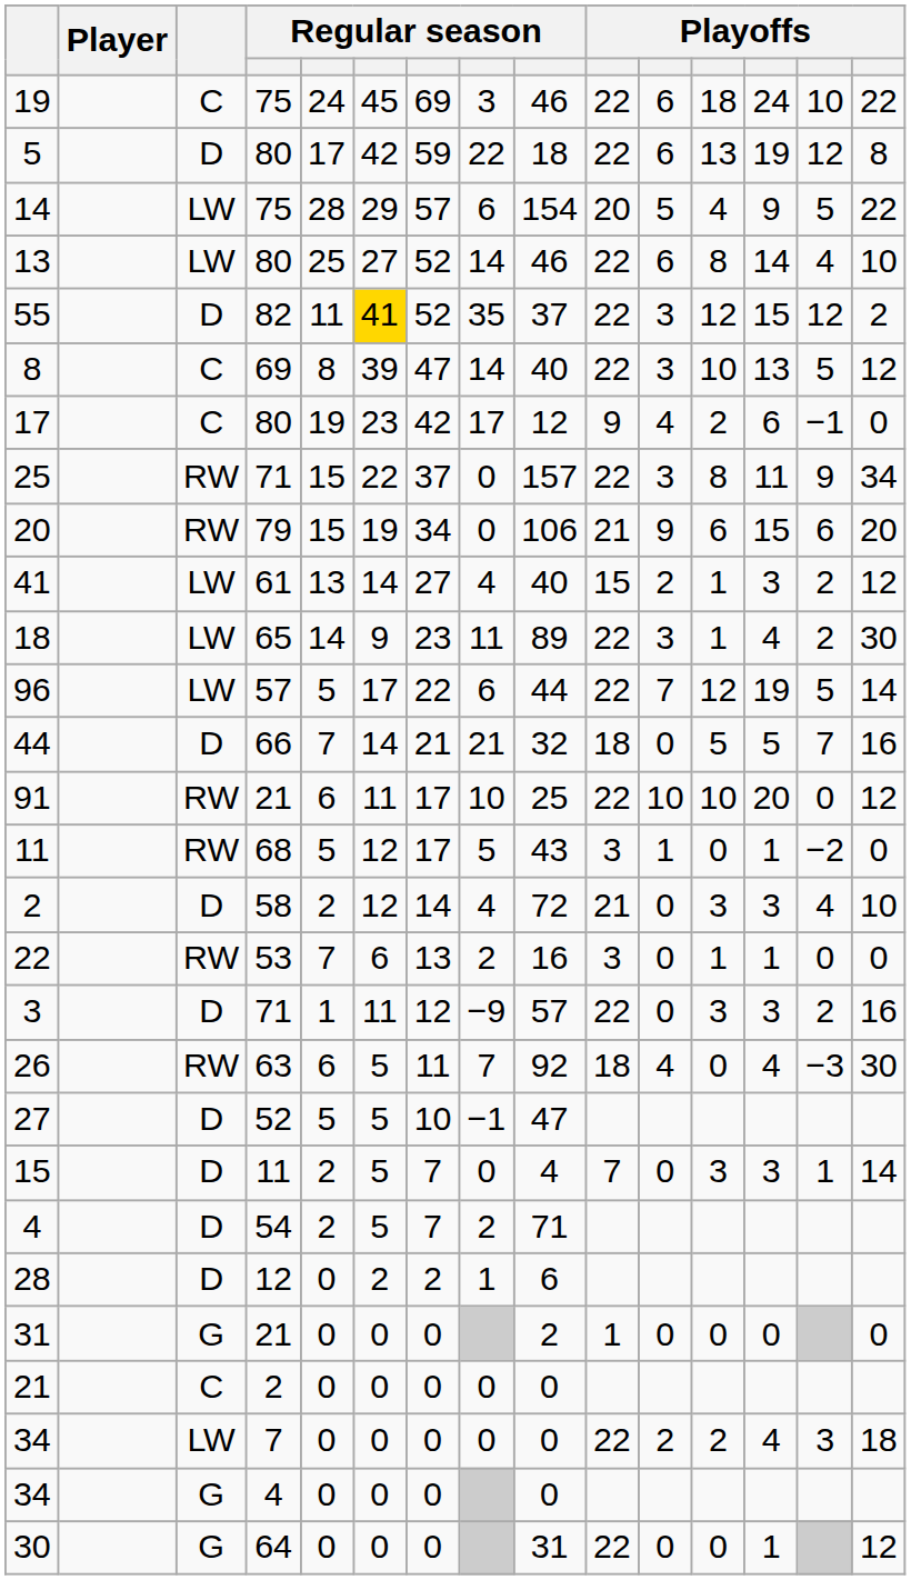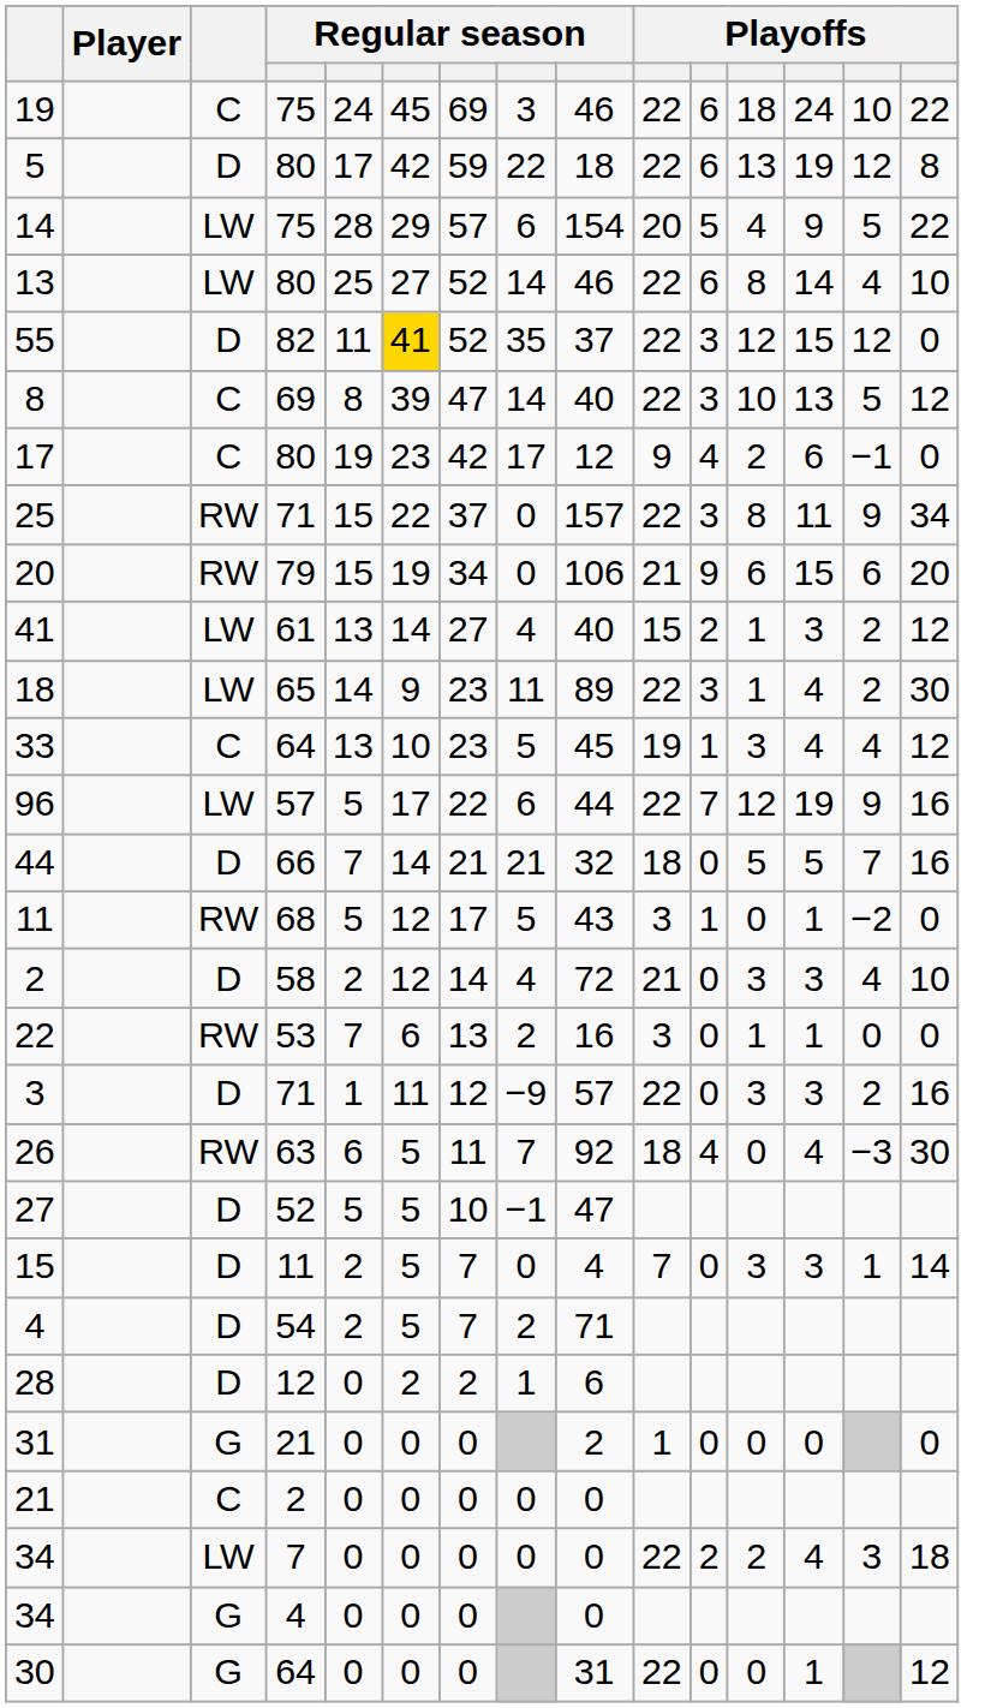 <table class="wikitable sortable plainrowheaders" style="text-align:center;">
 <tr>
 <th scope="col" data-sort-type="number" rowspan="2"></th>
 <th scope="col" rowspan="2">Player</th>
 <th scope="col" rowspan="2"></th>
 <th scope=colgroup colspan=6>Regular season</th>
 <th scope=colgroup colspan=6>Playoffs</th>
 </tr>
 <tr>
 <th scope="col" data-sort-type="number"></th>
 <th scope="col" data-sort-type="number"></th>
 <th scope="col" data-sort-type="number"></th>
 <th scope="col" data-sort-type="number"></th>
 <th scope="col" data-sort-type="number"></th>
 <th scope="col" data-sort-type="number"></th>
 <th scope="col" data-sort-type="number"></th>
 <th scope="col" data-sort-type="number"></th>
 <th scope="col" data-sort-type="number"></th>
 <th scope="col" data-sort-type="number"></th>
 <th scope="col" data-sort-type="number"></th>
 <th scope="col" data-sort-type="number"></th>
 </tr>
 <tr>
 <td scope="row">19</td>
 <td align="left"></td>
 <td>C</td>
 <td>75</td>
 <td>24</td>
 <td>45</td>
 <td>69</td>
 <td>3</td>
 <td>46</td>
 <td>22</td>
 <td>6</td>
 <td>18</td>
 <td>24</td>
 <td>10</td>
 <td>22</td>
 </tr>
 <tr>
 <td scope="row">5</td>
 <td align="left"></td>
 <td>D</td>
 <td>80</td>
 <td>17</td>
 <td>42</td>
 <td>59</td>
 <td>22</td>
 <td>18</td>
 <td>22</td>
 <td>6</td>
 <td>13</td>
 <td>19</td>
 <td>12</td>
 <td>8</td>
 </tr>
 <tr>
 <td scope="row">14</td>
 <td align="left"></td>
 <td>LW</td>
 <td>75</td>
 <td>28</td>
 <td>29</td>
 <td>57</td>
 <td>6</td>
 <td>154</td>
 <td>20</td>
 <td>5</td>
 <td>4</td>
 <td>9</td>
 <td>5</td>
 <td>22</td>
 </tr>
 <tr>
 <td scope="row">13</td>
 <td align="left"></td>
 <td>LW</td>
 <td>80</td>
 <td>25</td>
 <td>27</td>
 <td>52</td>
 <td>14</td>
 <td>46</td>
 <td>22</td>
 <td>6</td>
 <td>8</td>
 <td>14</td>
 <td>4</td>
 <td>10</td>
 </tr>
 <tr>
 <td scope="row">55</td>
 <td align="left"></td>
 <td>D</td>
 <td>82</td>
 <td>11</td>
 <td style="background: gold;">41</td>
 <td>52</td>
 <td>35</td>
 <td>37</td>
 <td>22</td>
 <td>3</td>
 <td>12</td>
 <td>15</td>
 <td>12</td>
-<td>2</td>
+<td>0</td>
 </tr>
 <tr>
 <td scope="row">8</td>
 <td align="left"></td>
 <td>C</td>
 <td>69</td>
 <td>8</td>
 <td>39</td>
 <td>47</td>
 <td>14</td>
 <td>40</td>
 <td>22</td>
 <td>3</td>
 <td>10</td>
 <td>13</td>
 <td>5</td>
 <td>12</td>
 </tr>
 <tr>
 <td scope="row">17</td>
 <td align="left"></td>
 <td>C</td>
 <td>80</td>
 <td>19</td>
 <td>23</td>
 <td>42</td>
 <td>17</td>
 <td>12</td>
 <td>9</td>
 <td>4</td>
 <td>2</td>
 <td>6</td>
 <td>−1</td>
 <td>0</td>
 </tr>
 <tr>
 <td scope="row">25</td>
 <td align="left"></td>
 <td>RW</td>
 <td>71</td>
 <td>15</td>
 <td>22</td>
 <td>37</td>
 <td>0</td>
 <td>157</td>
 <td>22</td>
 <td>3</td>
 <td>8</td>
 <td>11</td>
 <td>9</td>
 <td>34</td>
 </tr>
 <tr>
 <td scope="row">20</td>
 <td align="left"></td>
 <td>RW</td>
 <td>79</td>
 <td>15</td>
 <td>19</td>
 <td>34</td>
 <td>0</td>
 <td>106</td>
 <td>21</td>
 <td>9</td>
 <td>6</td>
 <td>15</td>
 <td>6</td>
 <td>20</td>
 </tr>
 <tr>
 <td scope="row">41</td>
 <td align="left"></td>
 <td>LW</td>
 <td>61</td>
 <td>13</td>
 <td>14</td>
 <td>27</td>
 <td>4</td>
 <td>40</td>
 <td>15</td>
 <td>2</td>
 <td>1</td>
 <td>3</td>
 <td>2</td>
 <td>12</td>
 </tr>
 <tr>
 <td scope="row">18</td>
 <td align="left"></td>
 <td>LW</td>
 <td>65</td>
 <td>14</td>
 <td>9</td>
 <td>23</td>
 <td>11</td>
 <td>89</td>
 <td>22</td>
 <td>3</td>
 <td>1</td>
 <td>4</td>
 <td>2</td>
 <td>30</td>
 </tr>
 <tr>
+<td scope="row">33</td>
+<td align="left"></td>
+<td>C</td>
+<td>64</td>
+<td>13</td>
+<td>10</td>
+<td>23</td>
+<td>5</td>
+<td>45</td>
+<td>19</td>
+<td>1</td>
+<td>3</td>
+<td>4</td>
+<td>4</td>
+<td>12</td>
+</tr>
+<tr>
 <td scope="row">96</td>
 <td align="left"></td>
 <td>LW</td>
 <td>57</td>
 <td>5</td>
 <td>17</td>
 <td>22</td>
 <td>6</td>
 <td>44</td>
 <td>22</td>
 <td>7</td>
 <td>12</td>
 <td>19</td>
-<td>5</td>
-<td>14</td>
+<td>9</td>
+<td>16</td>
 </tr>
 <tr>
 <td scope="row">44</td>
 <td align="left"></td>
 <td>D</td>
 <td>66</td>
 <td>7</td>
 <td>14</td>
 <td>21</td>
 <td>21</td>
 <td>32</td>
 <td>18</td>
 <td>0</td>
 <td>5</td>
 <td>5</td>
 <td>7</td>
 <td>16</td>
-</tr>
-<tr>
-<td scope="row">91</td>
-<td align="left"></td>
-<td>RW</td>
-<td>21</td>
-<td>6</td>
-<td>11</td>
-<td>17</td>
-<td>10</td>
-<td>25</td>
-<td>22</td>
-<td>10</td>
-<td>10</td>
-<td>20</td>
-<td>0</td>
-<td>12</td>
 </tr>
 <tr>
 <td scope="row">11</td>
 <td align="left"></td>
 <td>RW</td>
 <td>68</td>
 <td>5</td>
 <td>12</td>
 <td>17</td>
 <td>5</td>
 <td>43</td>
 <td>3</td>
 <td>1</td>
 <td>0</td>
 <td>1</td>
 <td>−2</td>
 <td>0</td>
 </tr>
 <tr>
 <td scope="row">2</td>
 <td align="left"></td>
 <td>D</td>
 <td>58</td>
 <td>2</td>
 <td>12</td>
 <td>14</td>
 <td>4</td>
 <td>72</td>
 <td>21</td>
 <td>0</td>
 <td>3</td>
 <td>3</td>
 <td>4</td>
 <td>10</td>
 </tr>
 <tr>
 <td scope="row">22</td>
 <td align="left"></td>
 <td>RW</td>
 <td>53</td>
 <td>7</td>
 <td>6</td>
 <td>13</td>
 <td>2</td>
 <td>16</td>
 <td>3</td>
 <td>0</td>
 <td>1</td>
 <td>1</td>
 <td>0</td>
 <td>0</td>
 </tr>
 <tr>
 <td scope="row">3</td>
 <td align="left"></td>
 <td>D</td>
 <td>71</td>
 <td>1</td>
 <td>11</td>
 <td>12</td>
 <td>−9</td>
 <td>57</td>
 <td>22</td>
 <td>0</td>
 <td>3</td>
 <td>3</td>
 <td>2</td>
 <td>16</td>
 </tr>
 <tr>
 <td scope="row">26</td>
 <td align="left"></td>
 <td>RW</td>
 <td>63</td>
 <td>6</td>
 <td>5</td>
 <td>11</td>
 <td>7</td>
 <td>92</td>
 <td>18</td>
 <td>4</td>
 <td>0</td>
 <td>4</td>
 <td>−3</td>
 <td>30</td>
 </tr>
 <tr>
 <td scope="row">27</td>
 <td align="left"></td>
 <td>D</td>
 <td>52</td>
 <td>5</td>
 <td>5</td>
 <td>10</td>
 <td>−1</td>
 <td>47</td>
 <td></td>
 <td></td>
 <td></td>
 <td></td>
 <td></td>
 <td></td>
 </tr>
 <tr>
 <td scope="row">15</td>
 <td align="left"></td>
 <td>D</td>
 <td>11</td>
 <td>2</td>
 <td>5</td>
 <td>7</td>
 <td>0</td>
 <td>4</td>
 <td>7</td>
 <td>0</td>
 <td>3</td>
 <td>3</td>
 <td>1</td>
 <td>14</td>
 </tr>
 <tr>
 <td scope="row">4</td>
 <td align="left"></td>
 <td>D</td>
 <td>54</td>
 <td>2</td>
 <td>5</td>
 <td>7</td>
 <td>2</td>
 <td>71</td>
 <td></td>
 <td></td>
 <td></td>
 <td></td>
 <td></td>
 <td></td>
 </tr>
 <tr>
 <td scope="row">28</td>
 <td align="left"></td>
 <td>D</td>
 <td>12</td>
 <td>0</td>
 <td>2</td>
 <td>2</td>
 <td>1</td>
 <td>6</td>
 <td></td>
 <td></td>
 <td></td>
 <td></td>
 <td></td>
 <td></td>
 </tr>
 <tr>
 <td scope="row">31</td>
 <td align="left"></td>
 <td>G</td>
 <td>21</td>
 <td>0</td>
 <td>0</td>
 <td>0</td>
 <td style="background:#ccc"></td>
 <td>2</td>
 <td>1</td>
 <td>0</td>
 <td>0</td>
 <td>0</td>
 <td style="background:#ccc"></td>
 <td>0</td>
 </tr>
 <tr>
 <td scope="row">21</td>
 <td align="left"></td>
 <td>C</td>
 <td>2</td>
 <td>0</td>
 <td>0</td>
 <td>0</td>
 <td>0</td>
 <td>0</td>
 <td></td>
 <td></td>
 <td></td>
 <td></td>
 <td></td>
 <td></td>
 </tr>
 <tr>
 <td scope="row">34</td>
 <td align="left"></td>
 <td>LW</td>
 <td>7</td>
 <td>0</td>
 <td>0</td>
 <td>0</td>
 <td>0</td>
 <td>0</td>
 <td>22</td>
 <td>2</td>
 <td>2</td>
 <td>4</td>
 <td>3</td>
 <td>18</td>
 </tr>
 <tr>
 <td scope="row">34</td>
 <td align="left"></td>
 <td>G</td>
 <td>4</td>
 <td>0</td>
 <td>0</td>
 <td>0</td>
 <td style="background:#ccc"></td>
 <td>0</td>
 <td></td>
 <td></td>
 <td></td>
 <td></td>
 <td></td>
 <td></td>
 </tr>
 <tr>
 <td scope="row">30</td>
 <td align="left"></td>
 <td>G</td>
 <td>64</td>
 <td>0</td>
 <td>0</td>
 <td>0</td>
 <td style="background:#ccc"></td>
 <td>31</td>
 <td>22</td>
 <td>0</td>
 <td>0</td>
 <td>1</td>
 <td style="background:#ccc"></td>
 <td>12</td>
 </tr>
 </table>
